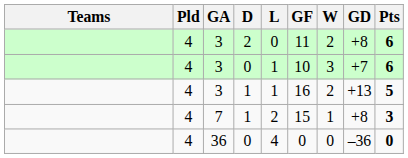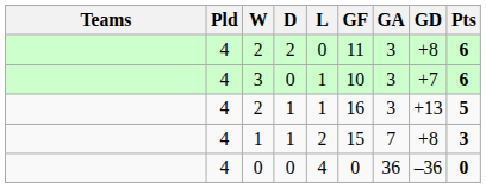 <table class="wikitable" style="text-align: center;">
 <tr>
 <th width=165>Teams</th>
 <th width=20>Pld</th>
-<th width=20>GA</th>
+<th width=20>W</th>
 <th width=20>D</th>
 <th width=20>L</th>
 <th width=20>GF</th>
-<th width=20>W</th>
+<th width=20>GA</th>
 <th width=20>GD</th>
 <th width=20>Pts</th>
 </tr>
 <tr align=center style="background:#ccffcc;">
 <td style="text-align:left;"></td>
 <td>4</td>
-<td>3</td>
+<td>2</td>
 <td>2</td>
 <td>0</td>
 <td>11</td>
-<td>2</td>
+<td>3</td>
 <td>+8</td>
 <td><strong>6</strong></td>
 </tr>
 <tr align=center style="background:#ccffcc;">
 <td style="text-align:left;"></td>
 <td>4</td>
 <td>3</td>
 <td>0</td>
 <td>1</td>
 <td>10</td>
 <td>3</td>
 <td>+7</td>
 <td><strong>6</strong></td>
 </tr>
 <tr align=center>
 <td style="text-align:left;"></td>
 <td>4</td>
-<td>3</td>
+<td>2</td>
 <td>1</td>
 <td>1</td>
 <td>16</td>
-<td>2</td>
+<td>3</td>
 <td>+13</td>
 <td><strong>5</strong></td>
 </tr>
 <tr align=center>
 <td style="text-align:left;"></td>
 <td>4</td>
-<td>7</td>
+<td>1</td>
 <td>1</td>
 <td>2</td>
 <td>15</td>
-<td>1</td>
+<td>7</td>
 <td>+8</td>
 <td><strong>3</strong></td>
 </tr>
 <tr align=center>
 <td style="text-align:left;"></td>
 <td>4</td>
-<td>36</td>
+<td>0</td>
 <td>0</td>
 <td>4</td>
 <td>0</td>
-<td>0</td>
+<td>36</td>
 <td>–36</td>
 <td><strong>0</strong></td>
 </tr>
 </table>
